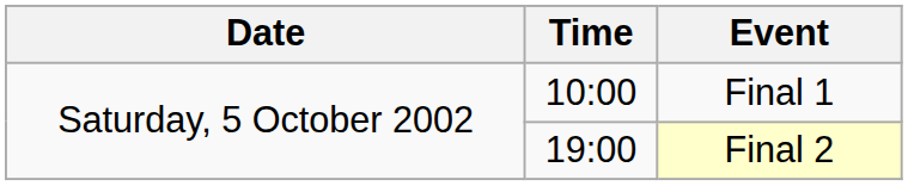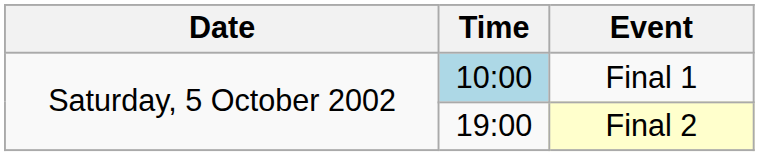 <table class = "wikitable" style="text-align:center;">
 <tr>
 <th width=220>Date</th>
 <th width=50>Time</th>
 <th width=100>Event</th>
 </tr>
 <tr>
 <td rowspan=2>Saturday, 5 October 2002</td>
-<td>10:00</td>
+<td style="background: lightblue;">10:00</td>
 <td>Final 1</td>
 </tr>
 <tr>
 <td>19:00</td>
 <td bgcolor=ffffcc>Final 2</td>
 </tr>
 </table>
